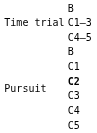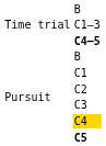 <table>
 <tr>
 <td rowspan=3>Time trial<br></td>
 <td>B</td>
 <td></td>
 <td></td>
 <td></td>
 </tr>
 <tr>
 <td>C1–3</td>
 <td></td>
 <td></td>
 <td></td>
 </tr>
 <tr>
-<td>C4–5</td>
+<td><strong>C4–5</strong></td>
 <td></td>
 <td></td>
 <td></td>
 </tr>
 <tr>
 <td rowspan=6>Pursuit<br></td>
 <td>B</td>
 <td></td>
 <td></td>
 <td></td>
 </tr>
 <tr>
 <td>C1</td>
 <td></td>
 <td></td>
 <td></td>
 </tr>
 <tr>
-<td><strong>C2</strong></td>
+<td>C2</td>
 <td></td>
 <td></td>
 <td></td>
 </tr>
 <tr>
 <td>C3</td>
 <td></td>
 <td></td>
 <td></td>
 </tr>
 <tr>
-<td>C4</td>
+<td style="background: gold;">C4</td>
 <td></td>
 <td></td>
 <td></td>
 </tr>
 <tr>
-<td>C5</td>
+<td><strong>C5</strong></td>
 <td></td>
 <td></td>
 <td></td>
 </tr>
 </table>
